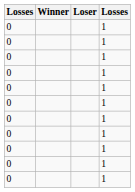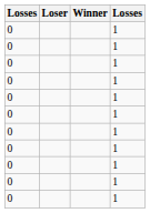 <table class=wikitable>
 <tr>
 <th>Losses</th>
+<th>Loser</th>
 <th>Winner</th>
-<th>Loser</th>
 <th>Losses</th>
 </tr>
 <tr>
 <td>0</td>
 <td></td>
 <td></td>
 <td>1</td>
 </tr>
 <tr>
 <td>0</td>
 <td></td>
 <td></td>
 <td>1</td>
 </tr>
 <tr>
 <td>0</td>
 <td></td>
 <td></td>
 <td>1</td>
 </tr>
 <tr>
 <td>0</td>
 <td></td>
 <td></td>
 <td>1</td>
 </tr>
 <tr>
 <td>0</td>
 <td></td>
 <td></td>
 <td>1</td>
 </tr>
 <tr>
 <td>0</td>
 <td></td>
 <td></td>
 <td>1</td>
 </tr>
 <tr>
 <td>0</td>
 <td></td>
 <td></td>
 <td>1</td>
 </tr>
 <tr>
 <td>0</td>
 <td></td>
 <td></td>
 <td>1</td>
 </tr>
 <tr>
 <td>0</td>
 <td></td>
 <td></td>
 <td>1</td>
 </tr>
 <tr>
 <td>0</td>
 <td></td>
 <td></td>
 <td>1</td>
 </tr>
 <tr>
 <td>0</td>
 <td></td>
 <td></td>
 <td>1</td>
 </tr>
 </table>
